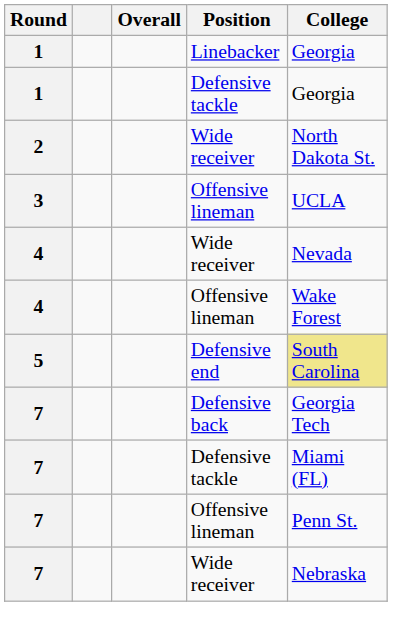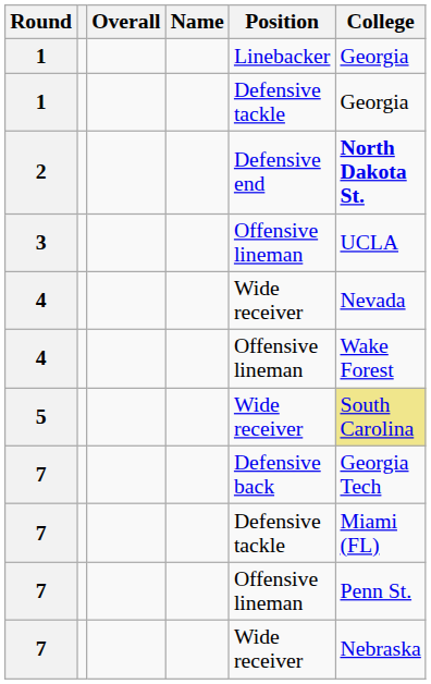 <table class="wikitable sortable" style="width: 50%;">
 <tr>
 <th scope="col" style="width: 10%;">Round</th>
 <th scope="col" style="width: 10%;"></th>
 <th scope="col" style="width: 10%;">Overall</th>
+<th scope="col" style="width: 25%;">Name</th>
 <th scope="col" style="width: 20%;">Position</th>
 <th scope="col" style="width: 25%;">College</th>
 </tr>
 <tr>
 <th scope="row">1</th>
+<td></td>
 <td></td>
 <td></td>
 <td><a href='#'>Linebacker</a></td>
 <td><a href='#'>Georgia</a></td>
 </tr>
 <tr>
 <th scope="row">1</th>
 <td></td>
 <td></td>
+<td></td>
 <td><a href='#'>Defensive tackle</a></td>
 <td>Georgia</td>
 </tr>
 <tr>
 <th scope="row">2</th>
 <td></td>
 <td></td>
-<td><a href='#'>Wide receiver</a></td>
-<td><a href='#'>North Dakota St.</a></td>
+<td></td>
+<td><a href='#'>Defensive end</a></td>
+<td><strong><a href='#'>North Dakota St.</a></strong></td>
 </tr>
 <tr>
 <th scope="row">3</th>
+<td></td>
 <td></td>
 <td></td>
 <td><a href='#'>Offensive lineman</a></td>
 <td><a href='#'>UCLA</a></td>
 </tr>
 <tr>
 <th scope="row">4</th>
 <td></td>
 <td></td>
+<td></td>
 <td>Wide receiver</td>
 <td><a href='#'>Nevada</a></td>
 </tr>
 <tr>
 <th scope="row">4</th>
+<td></td>
 <td></td>
 <td></td>
 <td>Offensive lineman</td>
 <td><a href='#'>Wake Forest</a></td>
 </tr>
 <tr>
 <th scope="row">5</th>
 <td></td>
 <td></td>
-<td><a href='#'>Defensive end</a></td>
+<td></td>
+<td><a href='#'>Wide receiver</a></td>
 <td style="background: khaki;"><a href='#'>South Carolina</a></td>
 </tr>
 <tr>
 <th scope="row">7</th>
+<td></td>
 <td></td>
 <td></td>
 <td><a href='#'>Defensive back</a></td>
 <td><a href='#'>Georgia Tech</a></td>
 </tr>
 <tr>
 <th scope="row">7</th>
 <td></td>
 <td></td>
+<td></td>
 <td>Defensive tackle</td>
 <td><a href='#'>Miami (FL)</a></td>
 </tr>
 <tr>
 <th scope="row">7</th>
+<td></td>
 <td></td>
 <td></td>
 <td>Offensive lineman</td>
 <td><a href='#'>Penn St.</a></td>
 </tr>
 <tr>
 <th scope="row">7</th>
 <td></td>
 <td></td>
+<td></td>
 <td>Wide receiver</td>
 <td><a href='#'>Nebraska</a></td>
 </tr>
 </table>
